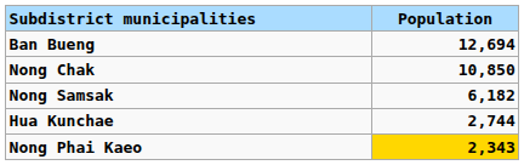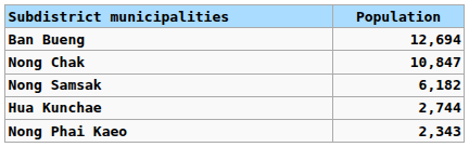 <table class="wikitable" style="width:48%; display:inline-table;">
 <tr>
 <td style= "background: #aadcff;"><strong>Subdistrict municipalities</strong></td>
 <td style= "background: #aadcff; text-align:center;"><strong>Population</strong></td>
 </tr>
 <tr>
 <td><strong>Ban Bueng</strong></td>
 <td style="text-align:right;"><strong>12,694</strong></td>
 </tr>
 <tr>
 <td><strong>Nong Chak</strong></td>
-<td style="text-align:right;"><strong>10,850</strong></td>
+<td style="text-align:right;"><strong>10,847</strong></td>
 </tr>
 <tr>
 <td><strong>Nong Samsak</strong></td>
 <td style="text-align:right;"><strong>6,182</strong></td>
 </tr>
 <tr>
 <td><strong>Hua Kunchae</strong></td>
 <td style="text-align:right;"><strong>2,744</strong></td>
 </tr>
 <tr>
 <td><strong>Nong Phai Kaeo</strong></td>
-<td style="background: gold; text-align:right;"><strong>2,343</strong></td>
+<td style="text-align:right;"><strong>2,343</strong></td>
 </tr>
 </table>
